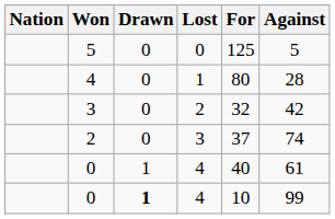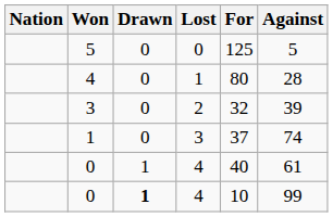 <table class="wikitable" style="text-align: center;">
 <tr>
 <th>Nation</th>
 <th>Won</th>
 <th>Drawn</th>
 <th>Lost</th>
 <th>For</th>
 <th>Against</th>
 </tr>
 <tr>
 <td align="left"></td>
 <td>5</td>
 <td>0</td>
 <td>0</td>
 <td>125</td>
 <td>5</td>
 </tr>
 <tr>
 <td align="left"></td>
 <td>4</td>
 <td>0</td>
 <td>1</td>
 <td>80</td>
 <td>28</td>
 </tr>
 <tr>
 <td align="left"></td>
 <td>3</td>
 <td>0</td>
 <td>2</td>
 <td>32</td>
-<td>42</td>
+<td>39</td>
 </tr>
 <tr>
 <td align="left"></td>
-<td>2</td>
+<td>1</td>
 <td>0</td>
 <td>3</td>
 <td>37</td>
 <td>74</td>
 </tr>
 <tr>
 <td align="left"></td>
 <td>0</td>
 <td>1</td>
 <td>4</td>
 <td>40</td>
 <td>61</td>
 </tr>
 <tr>
 <td align="left"></td>
 <td>0</td>
 <td><strong>1</strong></td>
 <td>4</td>
 <td>10</td>
 <td>99</td>
 </tr>
 </table>
